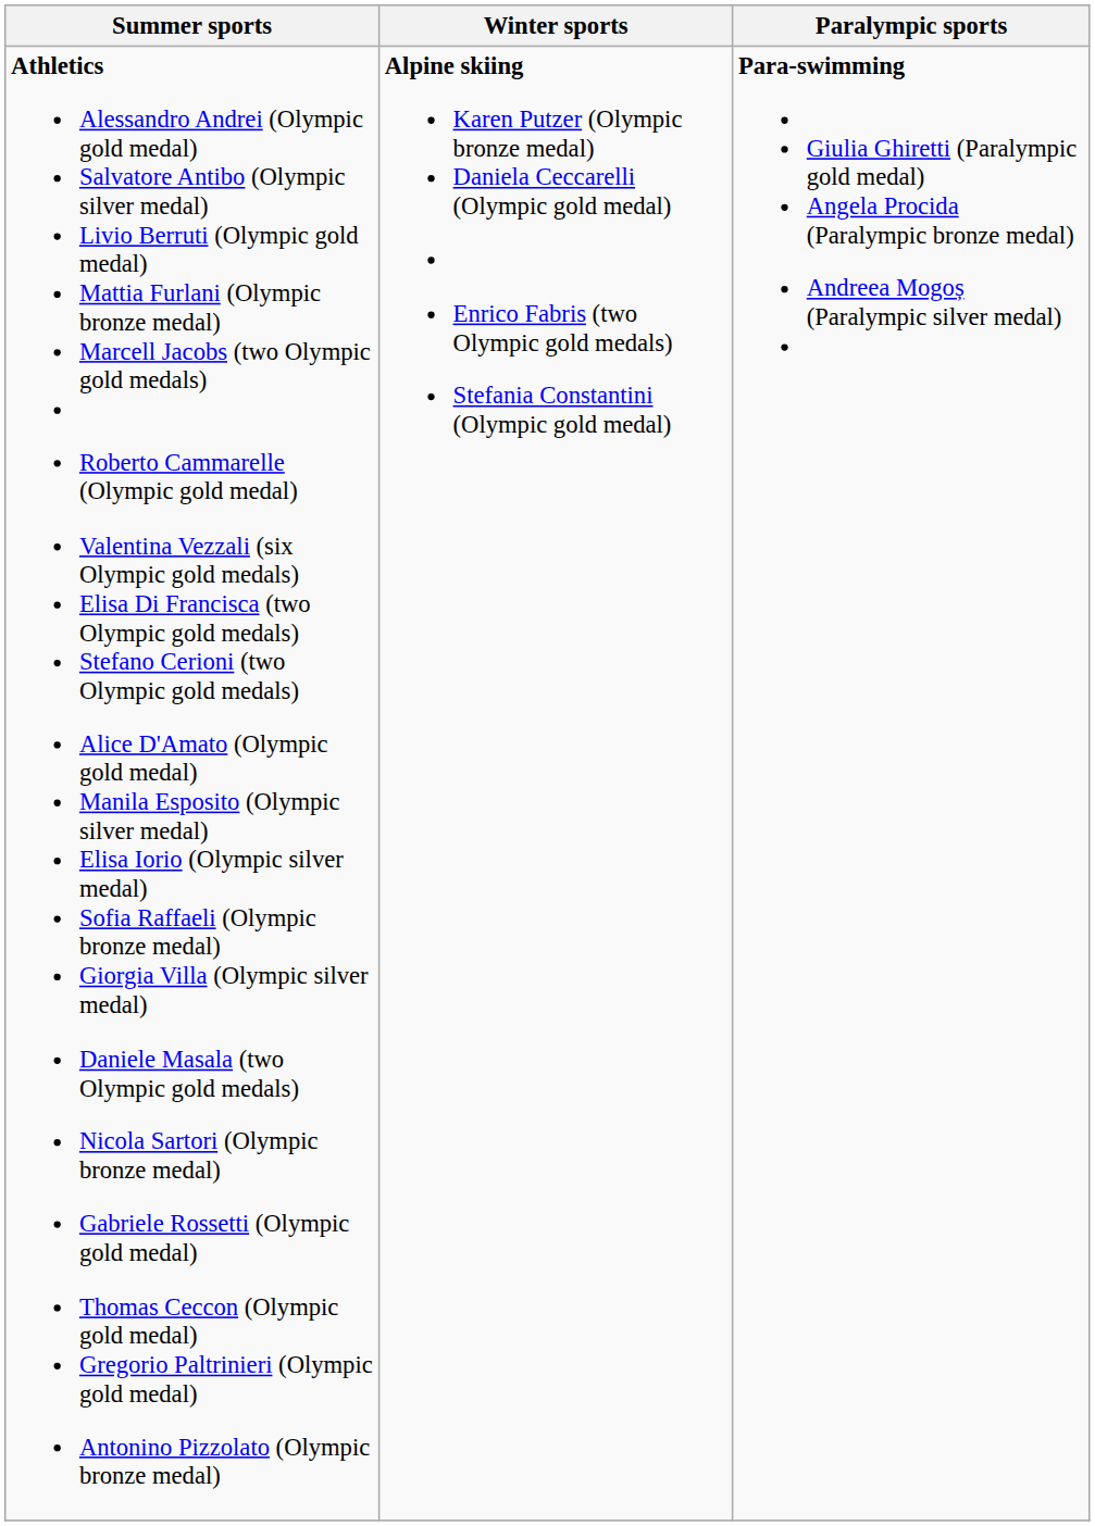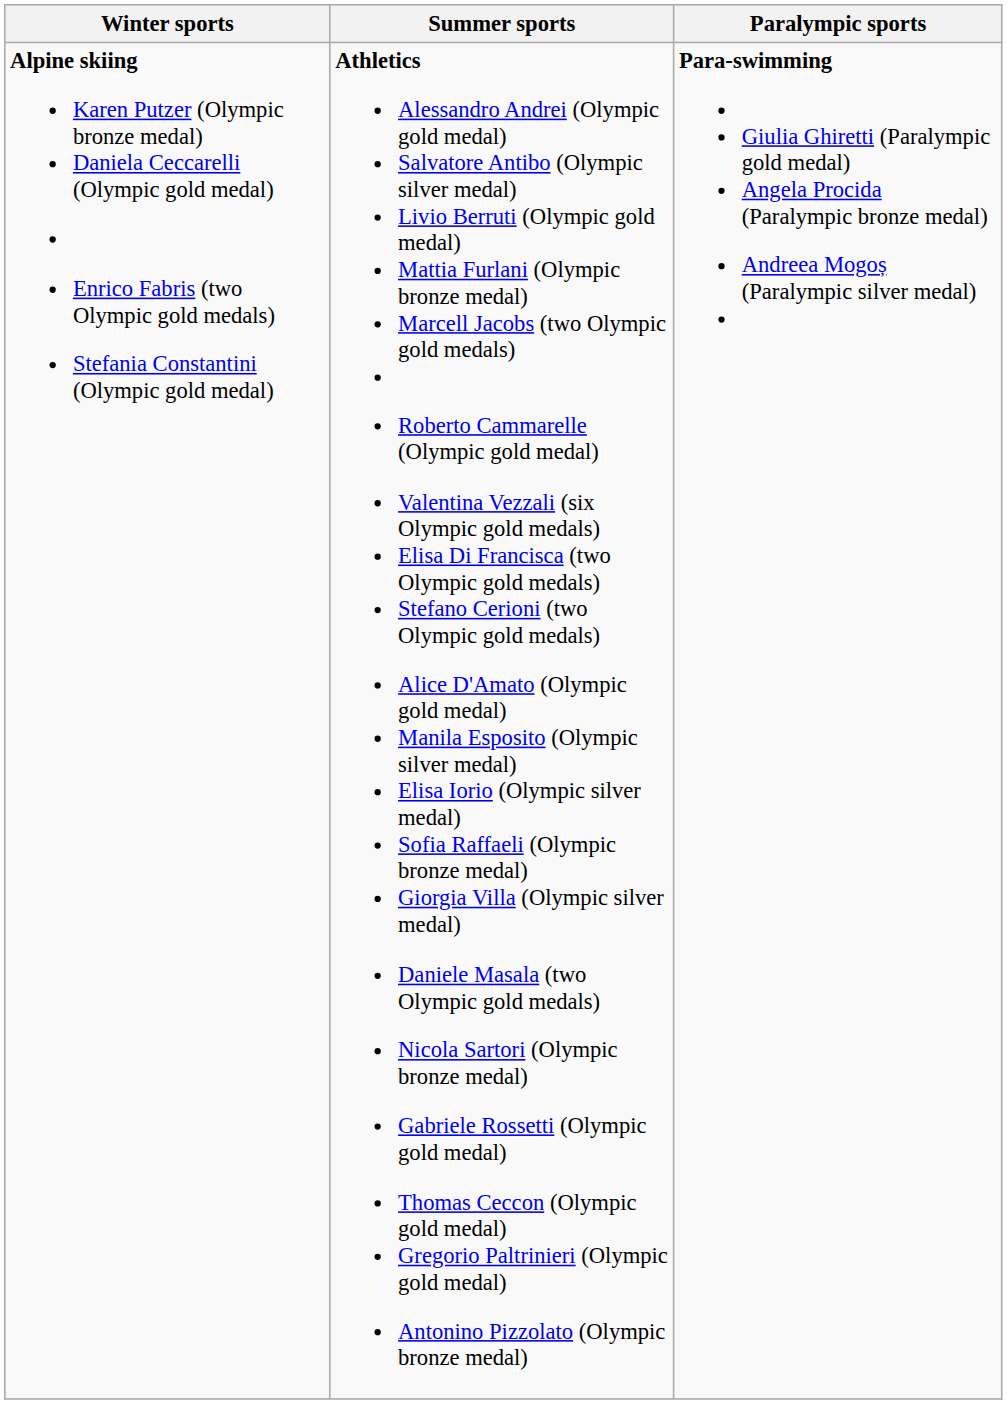 <table class="wikitable" width=72% style="font-size:90%; text-align:left;">
 <tr>
+<th>Winter sports</th>
 <th>Summer sports</th>
-<th>Winter sports</th>
 <th>Paralympic sports</th>
 </tr>
 <tr valign=top>
+<td><strong>Alpine skiing</strong><br><ul><li><a href='#'>Karen Putzer</a> (Olympic bronze medal)</li><li><a href='#'>Daniela Ceccarelli</a> (Olympic gold medal)</li></ul><ul><li></li></ul><ul><li><a href='#'>Enrico Fabris</a> (two Olympic gold medals)</li></ul><ul><li><a href='#'>Stefania Constantini</a> (Olympic gold medal)</li></ul></td>
 <td><strong>Athletics</strong><br><ul><li><a href='#'>Alessandro Andrei</a> (Olympic gold medal)</li><li><a href='#'>Salvatore Antibo</a> (Olympic silver medal)</li><li><a href='#'>Livio Berruti</a> (Olympic gold medal)</li><li><a href='#'>Mattia Furlani</a> (Olympic bronze medal)</li><li><a href='#'>Marcell Jacobs</a> (two Olympic gold medals)</li><li></li></ul><ul><li><a href='#'>Roberto Cammarelle</a> (Olympic gold medal)</li></ul><ul><li><a href='#'>Valentina Vezzali</a> (six Olympic gold medals)</li><li><a href='#'>Elisa Di Francisca</a> (two Olympic gold medals)</li><li><a href='#'>Stefano Cerioni</a> (two Olympic gold medals)</li></ul><ul><li><a href='#'>Alice D'Amato</a> (Olympic gold medal)</li><li><a href='#'>Manila Esposito</a> (Olympic silver medal)</li><li><a href='#'>Elisa Iorio</a> (Olympic silver medal)</li><li><a href='#'>Sofia Raffaeli</a> (Olympic bronze medal)</li><li><a href='#'>Giorgia Villa</a> (Olympic silver medal)</li></ul><ul><li><a href='#'>Daniele Masala</a> (two Olympic gold medals)</li></ul><ul><li><a href='#'>Nicola Sartori</a> (Olympic bronze medal)</li></ul><ul><li><a href='#'>Gabriele Rossetti</a> (Olympic gold medal)</li></ul><ul><li><a href='#'>Thomas Ceccon</a> (Olympic gold medal)</li><li><a href='#'>Gregorio Paltrinieri</a> (Olympic gold medal)</li></ul><ul><li><a href='#'>Antonino Pizzolato</a> (Olympic bronze medal)</li></ul></td>
-<td><strong>Alpine skiing</strong><br><ul><li><a href='#'>Karen Putzer</a> (Olympic bronze medal)</li><li><a href='#'>Daniela Ceccarelli</a> (Olympic gold medal)</li></ul><ul><li></li></ul><ul><li><a href='#'>Enrico Fabris</a> (two Olympic gold medals)</li></ul><ul><li><a href='#'>Stefania Constantini</a> (Olympic gold medal)</li></ul></td>
 <td><strong>Para-swimming</strong><br><ul><li></li><li><a href='#'>Giulia Ghiretti</a> (Paralympic gold medal)</li><li><a href='#'>Angela Procida</a> (Paralympic bronze medal)</li></ul><ul><li><a href='#'>Andreea Mogoș</a> (Paralympic silver medal)</li><li></li></ul></td>
 </tr>
 </table>
